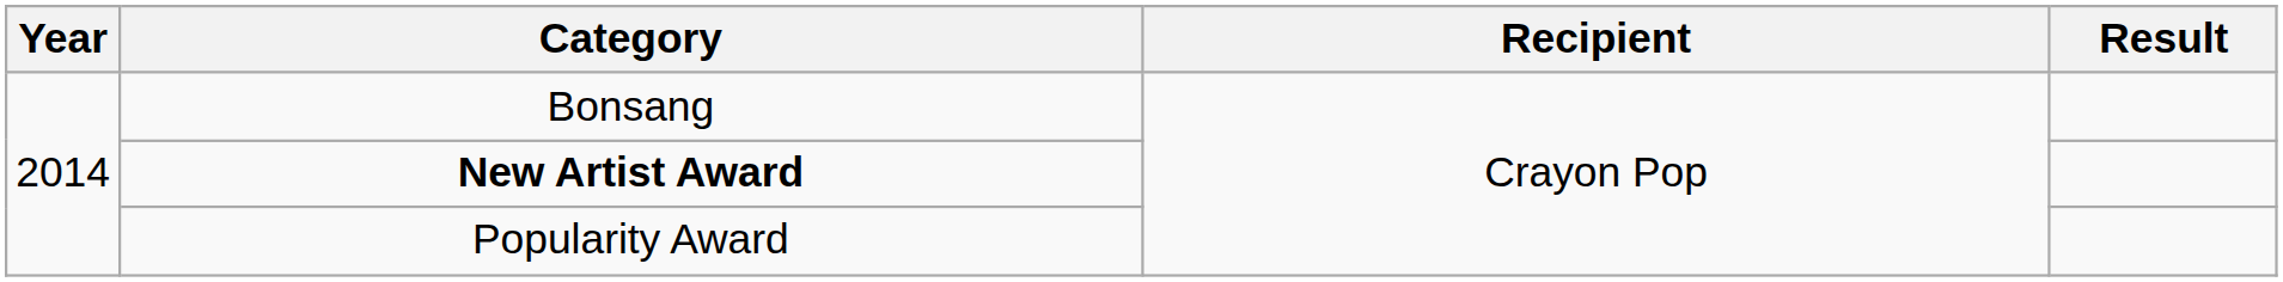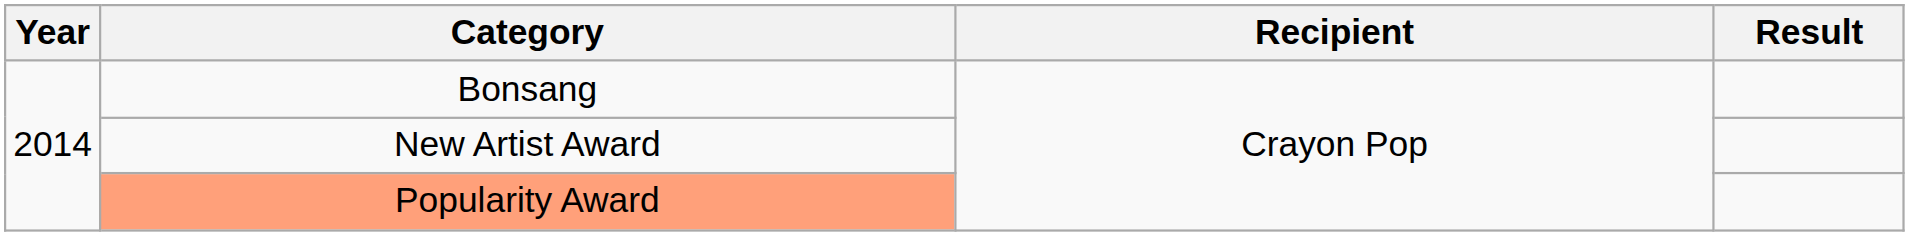 <table class="wikitable" style="text-align:center">
 <tr>
 <th width="5%">Year</th>
 <th width="45%">Category</th>
 <th width="40%">Recipient</th>
 <th width="10%">Result</th>
 </tr>
 <tr>
 <td rowspan="3">2014</td>
 <td>Bonsang</td>
 <td rowspan="3">Crayon Pop</td>
 <td></td>
 </tr>
 <tr>
-<td><strong>New Artist Award</strong></td>
+<td>New Artist Award</td>
 <td></td>
 </tr>
 <tr>
-<td>Popularity Award</td>
+<td style="background: lightsalmon;">Popularity Award</td>
 <td></td>
 </tr>
 </table>
